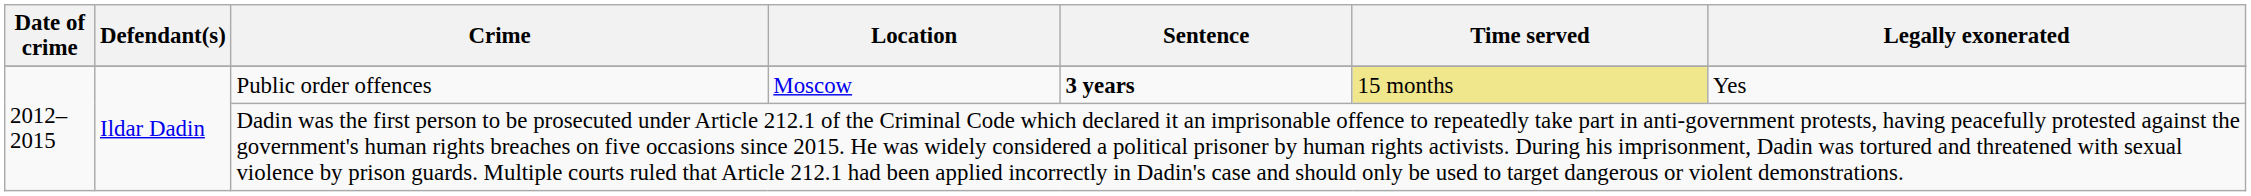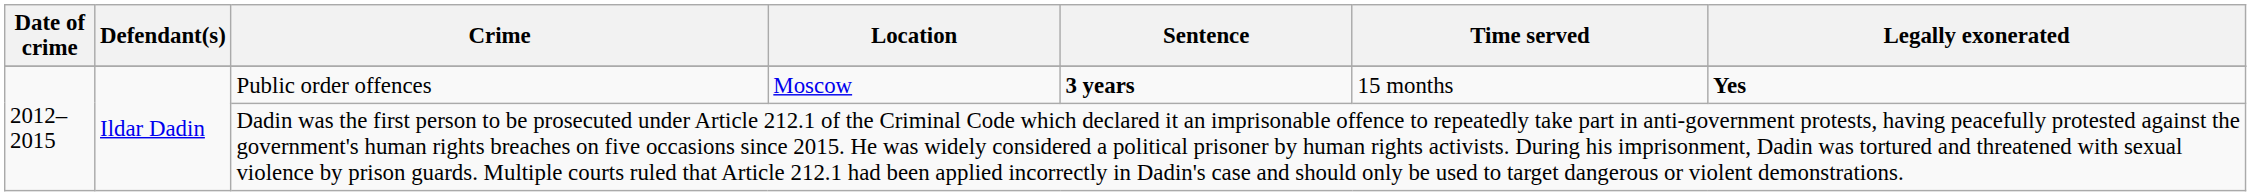 <table class="wikitable sortable">
 <tr>
 <th>Date of crime</th>
 <th>Defendant(s)</th>
 <th>Crime</th>
 <th>Location</th>
 <th>Sentence</th>
 <th>Time served</th>
 <th>Legally exonerated</th>
 </tr>
 <tr>
 </tr>
 <tr ->
 <td rowspan="2">2012–2015</td>
 <td rowspan="2"><a href='#'>Ildar Dadin</a></td>
 <td>Public order offences</td>
 <td><a href='#'>Moscow</a></td>
 <td><strong>3 years</strong></td>
-<td style="background: khaki;">15 months</td>
-<td>Yes</td>
+<td>15 months</td>
+<td><strong>Yes</strong></td>
 </tr>
 <tr>
 <td colspan=5>Dadin was the first person to be prosecuted under Article 212.1 of the Criminal Code which declared it an imprisonable offence to repeatedly take part in anti-government protests, having peacefully protested against the government's human rights breaches on five occasions since 2015. He was widely considered a political prisoner by human rights activists. During his imprisonment, Dadin was tortured and threatened with sexual violence by prison guards. Multiple courts ruled that Article 212.1 had been applied incorrectly in Dadin's case and should only be used to target dangerous or violent demonstrations.</td>
 </tr>
 </table>
